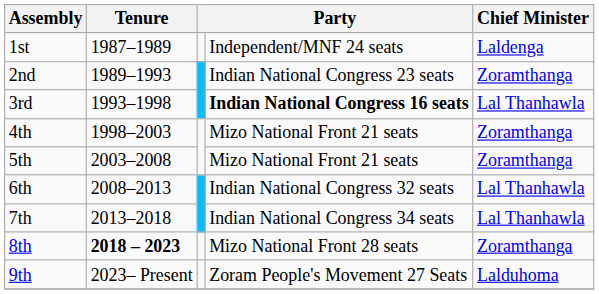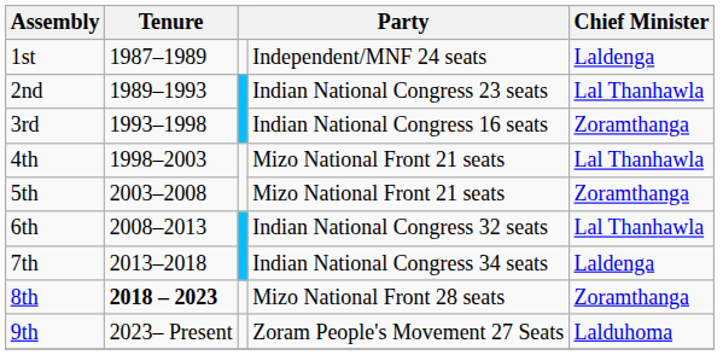 <table class="wikitable">
 <tr>
 <th>Assembly</th>
 <th>Tenure</th>
 <th colspan="2">Party</th>
 <th>Chief Minister</th>
 </tr>
 <tr>
 <td>1st</td>
 <td>1987–1989</td>
 <td></td>
 <td>Independent/MNF 24 seats</td>
 <td><a href='#'>Laldenga</a></td>
 </tr>
 <tr>
 <td>2nd</td>
 <td>1989–1993</td>
 <td rowspan=2 bgcolor=#00BFFF></td>
 <td>Indian National Congress 23 seats</td>
-<td><a href='#'>Zoramthanga</a></td>
+<td><a href='#'>Lal Thanhawla</a></td>
 </tr>
 <tr>
 <td>3rd</td>
 <td>1993–1998</td>
-<td><strong>Indian National Congress 16 seats</strong></td>
-<td><a href='#'>Lal Thanhawla</a></td>
+<td>Indian National Congress 16 seats</td>
+<td><a href='#'>Zoramthanga</a></td>
 </tr>
 <tr>
 <td>4th</td>
 <td>1998–2003</td>
 <td rowspan=2></td>
 <td>Mizo National Front 21 seats</td>
-<td><a href='#'>Zoramthanga</a></td>
+<td><a href='#'>Lal Thanhawla</a></td>
 </tr>
 <tr>
 <td>5th</td>
 <td>2003–2008</td>
 <td>Mizo National Front 21 seats</td>
 <td><a href='#'>Zoramthanga</a></td>
 </tr>
 <tr>
 <td>6th</td>
 <td>2008–2013</td>
 <td rowspan="2" bgcolor=#00BFFF></td>
 <td>Indian National Congress 32 seats</td>
 <td><a href='#'>Lal Thanhawla</a></td>
 </tr>
 <tr>
 <td>7th</td>
 <td>2013–2018</td>
 <td>Indian National Congress 34 seats</td>
-<td><a href='#'>Lal Thanhawla</a></td>
+<td><a href='#'>Laldenga</a></td>
 </tr>
 <tr>
 <td><a href='#'>8th</a></td>
 <td><strong>2018 – 2023</strong></td>
 <td></td>
 <td>Mizo National Front 28 seats</td>
 <td><a href='#'>Zoramthanga</a></td>
 </tr>
 <tr>
 <td><a href='#'>9th</a></td>
 <td>2023– Present</td>
 <td></td>
 <td>Zoram People's Movement 27 Seats</td>
 <td><a href='#'>Lalduhoma</a></td>
 </tr>
 <tr>
 </tr>
 </table>
